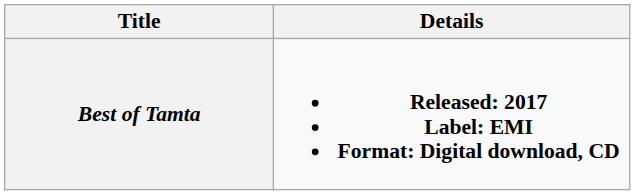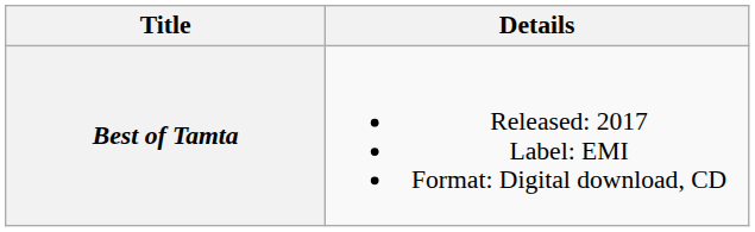 <table class="wikitable plainrowheaders" style="text-align:center">
 <tr>
 <th scope="col" style="width:12em;">Title</th>
 <th scope="col" style="width:16em;">Details</th>
 </tr>
 <tr>
 <th scope="row"><em>Best of Tamta</em></th>
-<td><strong><br><ul><li>Released: 2017</li><li>Label: EMI</li><li>Format: Digital download, CD</li></ul></strong></td>
+<td><br><ul><li>Released: 2017</li><li>Label: EMI</li><li>Format: Digital download, CD</li></ul></td>
 </tr>
 </table>
